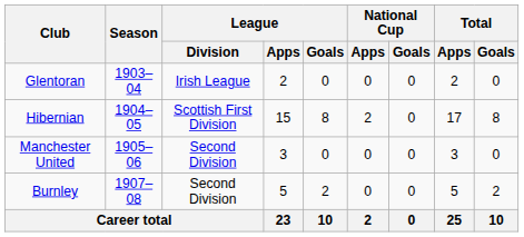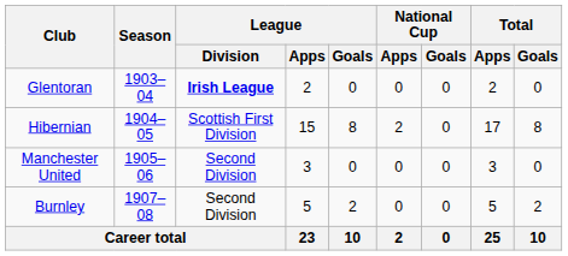 <table class="wikitable" style="text-align: center;">
 <tr>
 <th rowspan="2">Club</th>
 <th rowspan="2">Season</th>
 <th colspan="3">League</th>
 <th colspan="2">National Cup</th>
 <th colspan="2">Total</th>
 </tr>
 <tr>
 <th>Division</th>
 <th>Apps</th>
 <th>Goals</th>
 <th>Apps</th>
 <th>Goals</th>
 <th>Apps</th>
 <th>Goals</th>
 </tr>
 <tr>
 <td><a href='#'>Glentoran</a></td>
 <td><a href='#'>1903–04</a></td>
-<td><a href='#'>Irish League</a></td>
+<td><strong><a href='#'>Irish League</a></strong></td>
 <td>2</td>
 <td>0</td>
 <td>0</td>
 <td>0</td>
 <td>2</td>
 <td>0</td>
 </tr>
 <tr>
 <td><a href='#'>Hibernian</a></td>
 <td><a href='#'>1904–05</a></td>
 <td><a href='#'>Scottish First Division</a></td>
 <td>15</td>
 <td>8</td>
 <td>2</td>
 <td>0</td>
 <td>17</td>
 <td>8</td>
 </tr>
 <tr>
 <td><a href='#'>Manchester United</a></td>
 <td><a href='#'>1905–06</a></td>
 <td><a href='#'>Second Division</a></td>
 <td>3</td>
 <td>0</td>
 <td>0</td>
 <td>0</td>
 <td>3</td>
 <td>0</td>
 </tr>
 <tr>
 <td><a href='#'>Burnley</a></td>
 <td><a href='#'>1907–08</a></td>
 <td>Second Division</td>
 <td>5</td>
 <td>2</td>
 <td>0</td>
 <td>0</td>
 <td>5</td>
 <td>2</td>
 </tr>
 <tr>
 <th colspan="3">Career total</th>
 <th>23</th>
 <th>10</th>
 <th>2</th>
 <th>0</th>
 <th>25</th>
 <th>10</th>
 </tr>
 </table>
